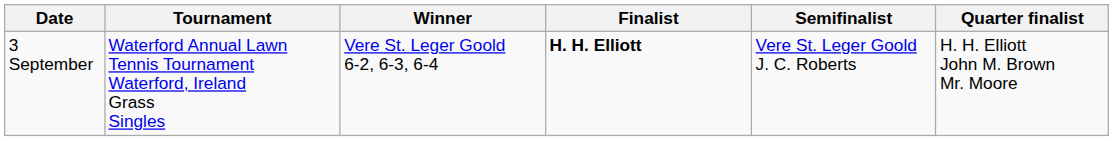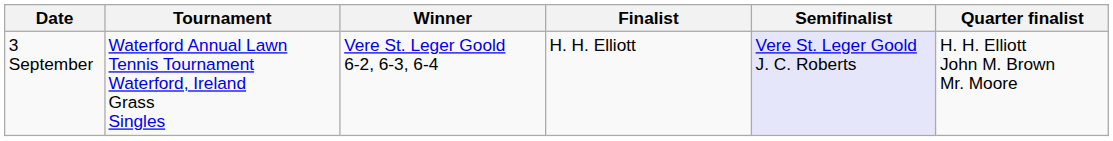 <table class="wikitable" style="font-size:85%;">
 <tr>
 <th width="75">Date</th>
 <th width="230">Tournament</th>
 <th width="210">Winner</th>
 <th width="210">Finalist</th>
 <th width="170">Semifinalist</th>
 <th width="170">Quarter finalist</th>
 </tr>
 <tr valign=top>
 <td rowspan=2>3 September</td>
 <td><a href='#'>Waterford Annual Lawn Tennis Tournament</a><br> <a href='#'>Waterford, Ireland</a><br>Grass<br><a href='#'>Singles</a></td>
 <td> <a href='#'>Vere St. Leger Goold</a><br>6-2, 6-3, 6-4</td>
-<td><strong> H. H. Elliott</strong></td>
-<td> <a href='#'>Vere St. Leger Goold</a><br>  J. C. Roberts</td>
+<td> H. H. Elliott</td>
+<td style="background: lavender;"> <a href='#'>Vere St. Leger Goold</a><br>  J. C. Roberts</td>
 <td> H. H. Elliott<br> John M. Brown<br> Mr. Moore</td>
 </tr>
 </table>
